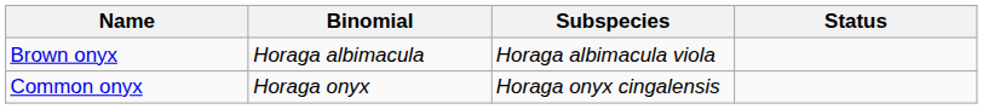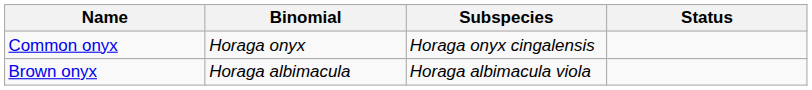 <table width=60% class="wikitable">
 <tr>
 <th width=20%>Name</th>
 <th width=20%>Binomial</th>
 <th width=20%>Subspecies</th>
 <th width=20%>Status</th>
 </tr>
 <tr>
+<td><a href='#'>Common onyx</a><br>  </td>
+<td><em>Horaga onyx</em></td>
+<td><em>Horaga onyx cingalensis</em></td>
+<td></td>
+</tr>
+<tr>
 <td><a href='#'>Brown onyx</a><br> </td>
 <td><em>Horaga albimacula</em></td>
 <td><em>Horaga albimacula viola</em></td>
 <td></td>
 </tr>
-<tr>
-<td><a href='#'>Common onyx</a><br>  </td>
-<td><em>Horaga onyx</em></td>
-<td><em>Horaga onyx cingalensis</em></td>
-<td></td>
-</tr>
 </table>
